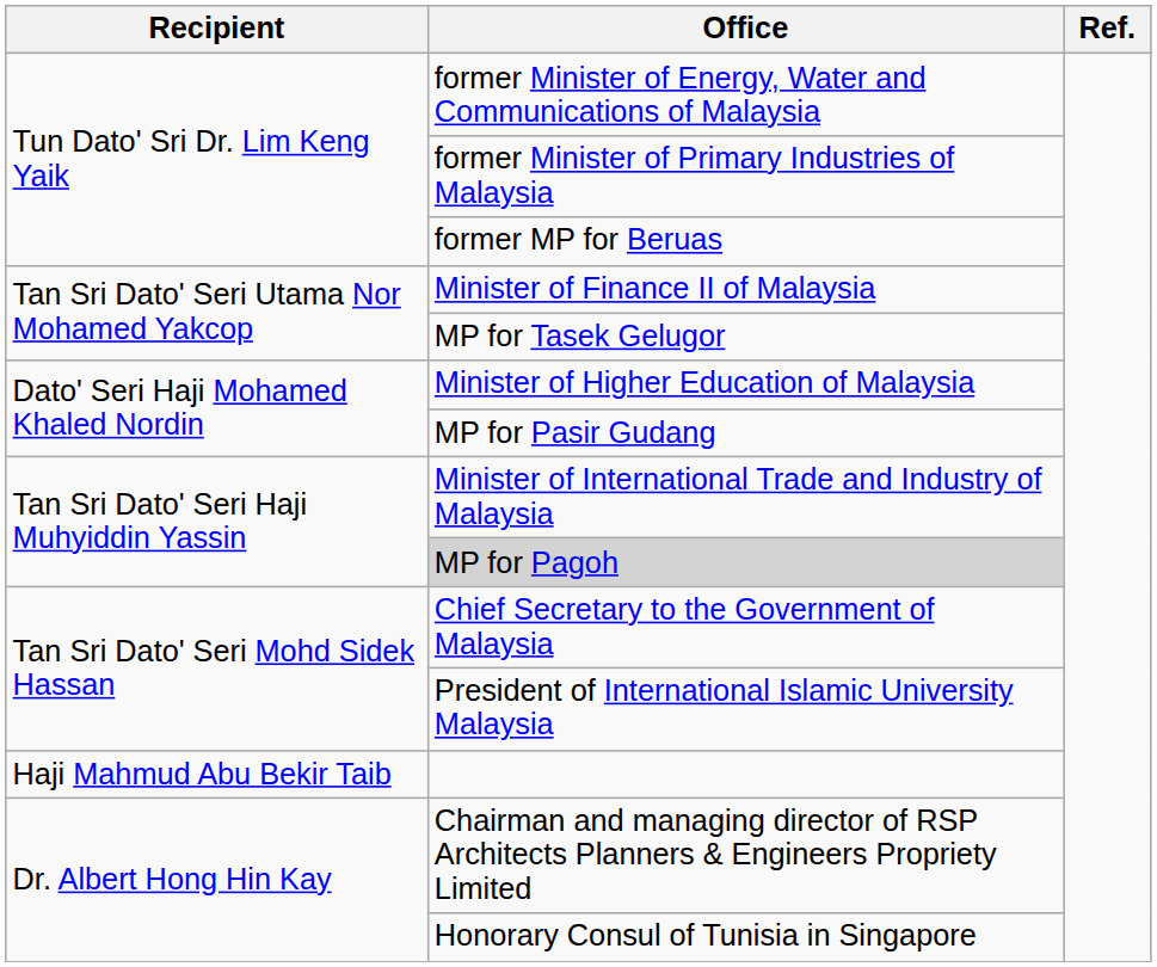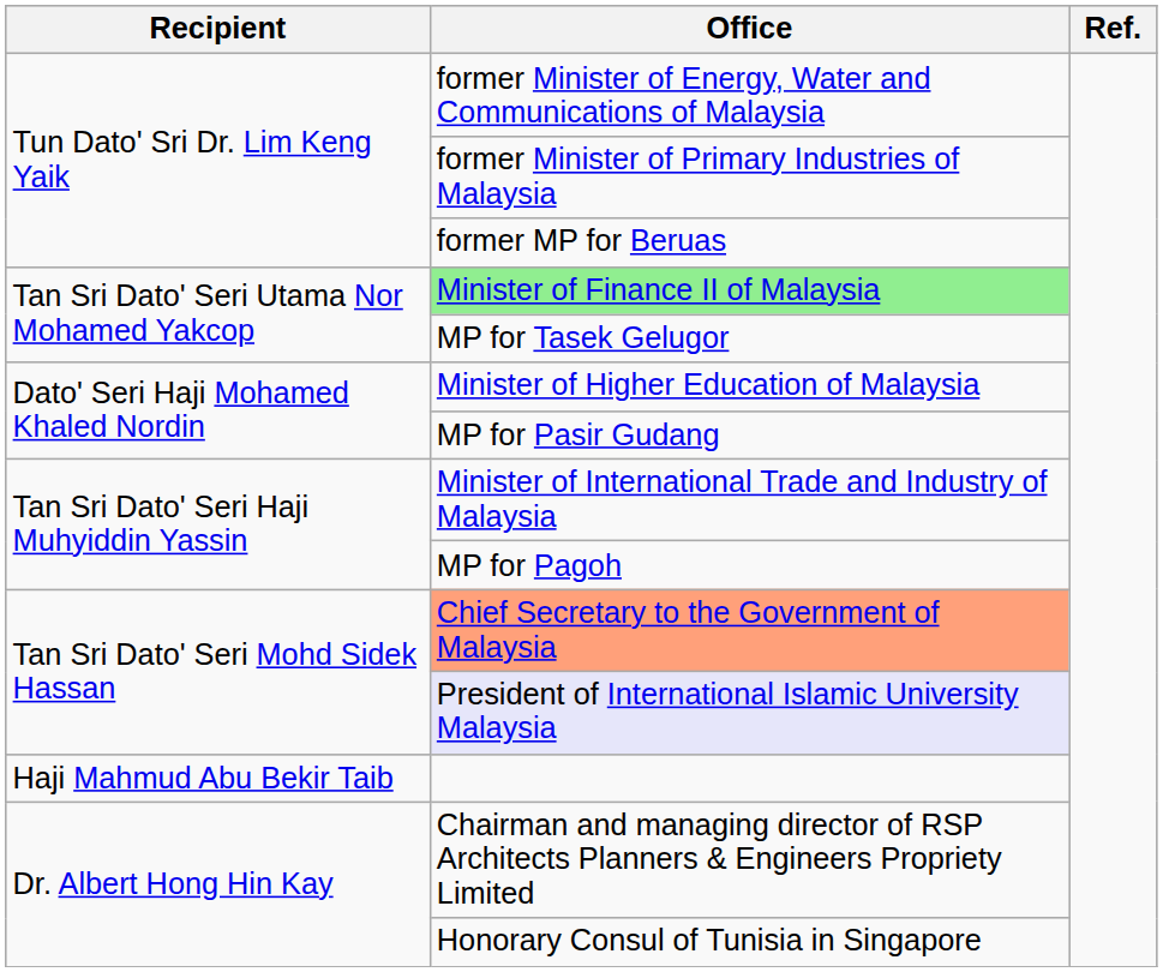 <table class="wikitable">
 <tr>
 <th width=400>Recipient</th>
 <th width=600>Office</th>
 <th width=50>Ref.</th>
 </tr>
 <tr>
 <td rowspan="3">Tun Dato' Sri Dr. <a href='#'>Lim Keng Yaik</a></td>
 <td>former <a href='#'>Minister of Energy, Water and Communications of Malaysia</a></td>
 <td rowspan="14" align=center></td>
 </tr>
 <tr>
 <td>former <a href='#'>Minister of Primary Industries of Malaysia</a></td>
 </tr>
 <tr>
 <td>former MP for <a href='#'>Beruas</a></td>
 </tr>
 <tr>
 <td rowspan="2">Tan Sri Dato' Seri Utama <a href='#'>Nor Mohamed Yakcop</a></td>
-<td><a href='#'>Minister of Finance II of Malaysia</a></td>
+<td style="background: lightgreen;"><a href='#'>Minister of Finance II of Malaysia</a></td>
 </tr>
 <tr>
 <td>MP for <a href='#'>Tasek Gelugor</a></td>
 </tr>
 <tr>
 <td rowspan="2">Dato' Seri Haji <a href='#'>Mohamed Khaled Nordin</a></td>
 <td><a href='#'>Minister of Higher Education of Malaysia</a></td>
 </tr>
 <tr>
 <td>MP for <a href='#'>Pasir Gudang</a></td>
 </tr>
 <tr>
 <td rowspan="2">Tan Sri Dato' Seri Haji <a href='#'>Muhyiddin Yassin</a></td>
 <td><a href='#'>Minister of International Trade and Industry of Malaysia</a></td>
 </tr>
 <tr>
-<td style="background: lightgrey;">MP for <a href='#'>Pagoh</a></td>
+<td>MP for <a href='#'>Pagoh</a></td>
 </tr>
 <tr>
 <td rowspan="2">Tan Sri Dato' Seri <a href='#'>Mohd Sidek Hassan</a></td>
-<td><a href='#'>Chief Secretary to the Government of Malaysia</a></td>
+<td style="background: lightsalmon;"><a href='#'>Chief Secretary to the Government of Malaysia</a></td>
 </tr>
 <tr>
-<td>President of <a href='#'>International Islamic University Malaysia</a></td>
+<td style="background: lavender;">President of <a href='#'>International Islamic University Malaysia</a></td>
 </tr>
 <tr>
 <td>Haji <a href='#'>Mahmud Abu Bekir Taib</a></td>
 <td></td>
 </tr>
 <tr>
 <td rowspan="2">Dr. <a href='#'>Albert Hong Hin Kay</a></td>
 <td>Chairman and managing director of RSP Architects Planners & Engineers Propriety Limited</td>
 </tr>
 <tr>
 <td>Honorary Consul of Tunisia in Singapore</td>
 </tr>
 </table>
